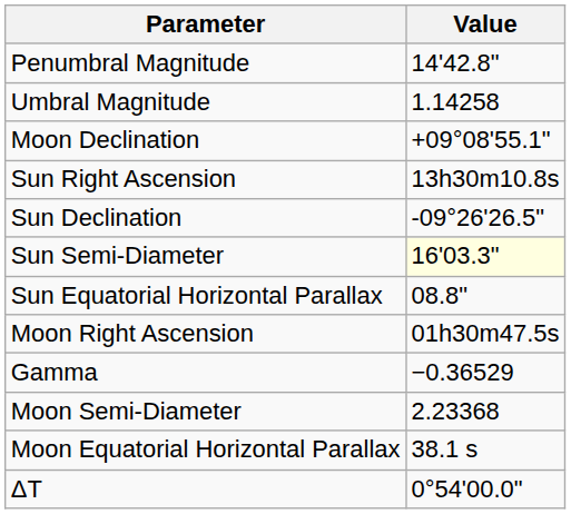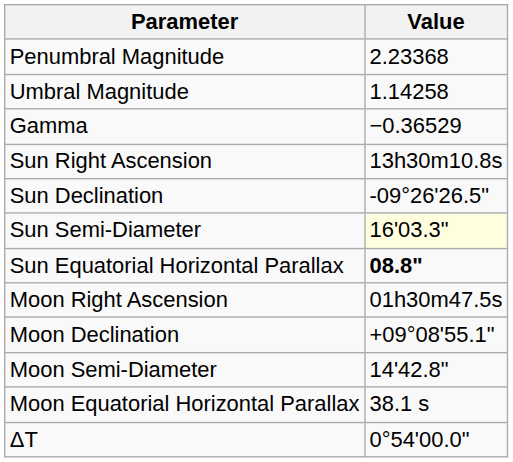 <table class="wikitable">
 <tr>
 <th>Parameter</th>
 <th>Value</th>
 </tr>
 <tr>
 <td>Penumbral Magnitude</td>
-<td>14'42.8"</td>
+<td>2.23368</td>
 </tr>
 <tr>
 <td>Umbral Magnitude</td>
 <td>1.14258</td>
 </tr>
 <tr>
-<td>Moon Declination</td>
-<td>+09°08'55.1"</td>
+<td>Gamma</td>
+<td>−0.36529</td>
 </tr>
 <tr>
 <td>Sun Right Ascension</td>
 <td>13h30m10.8s</td>
 </tr>
 <tr>
 <td>Sun Declination</td>
 <td>-09°26'26.5"</td>
 </tr>
 <tr>
 <td>Sun Semi-Diameter</td>
 <td style="background: lightyellow;">16'03.3"</td>
 </tr>
 <tr>
 <td>Sun Equatorial Horizontal Parallax</td>
-<td>08.8"</td>
+<td><strong>08.8"</strong></td>
 </tr>
 <tr>
 <td>Moon Right Ascension</td>
 <td>01h30m47.5s</td>
 </tr>
 <tr>
-<td>Gamma</td>
-<td>−0.36529</td>
+<td>Moon Declination</td>
+<td>+09°08'55.1"</td>
 </tr>
 <tr>
 <td>Moon Semi-Diameter</td>
-<td>2.23368</td>
+<td>14'42.8"</td>
 </tr>
 <tr>
 <td>Moon Equatorial Horizontal Parallax</td>
 <td>38.1 s</td>
 </tr>
 <tr>
 <td>ΔT</td>
 <td>0°54'00.0"</td>
 </tr>
 </table>
